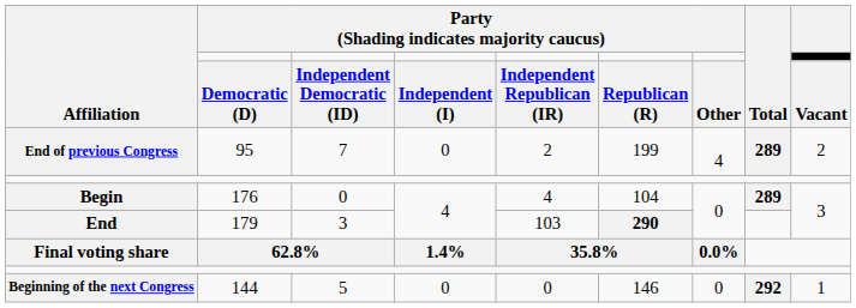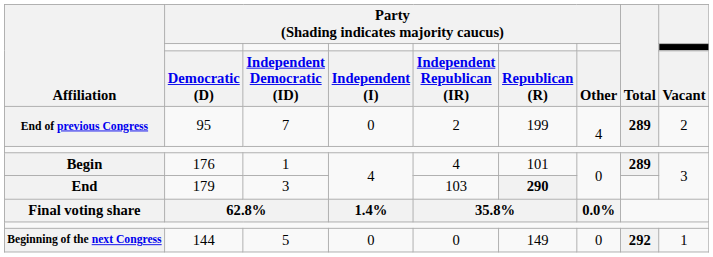 <table class="wikitable" style="text-align:center">
 <tr style="vertical-align:bottom;">
 <th rowspan="3">Affiliation</th>
 <th colspan="6">Party <div>(Shading indicates majority caucus)</div></th>
 <th rowspan="3">Total</th>
 <th></th>
 </tr>
 <tr style="height:5px">
 <td style="background-color:"></td>
 <td style="background-color:"></td>
 <td style="background-color:"></td>
 <td style="background-color:"></td>
 <td style="background-color:"></td>
 <td style="background-color:"></td>
 <td style="background:black;" ></td>
 </tr>
 <tr style="vertical-align:bottom;">
 <th><a href='#'>Democratic</a><br>(D)</th>
 <th><a href='#'>Independent<br>Democratic</a><br>(ID)</th>
 <th><a href='#'>Independent</a><br>(I)</th>
 <th><a href='#'>Independent<br>Republican</a><br>(IR)</th>
 <th><a href='#'>Republican</a><br>(R)</th>
 <th>Other</th>
 <th>Vacant</th>
 </tr>
 <tr>
 <th style="white-space:nowrap; font-size:80%;">End of <a href='#'>previous Congress</a></th>
 <td>95</td>
 <td>7</td>
 <td>0</td>
 <td>2</td>
 <td>199</td>
 <td><br>4</td>
 <th>289</th>
 <td>2</td>
 </tr>
 <tr>
 <td colspan="9"></td>
 </tr>
 <tr>
 <th>Begin</th>
 <td>176</td>
-<td>0</td>
+<td>1</td>
 <td rowspan="2">4</td>
 <td>4</td>
-<td>104</td>
+<td>101</td>
 <td rowspan="2">0</td>
 <th>289</th>
 <td rowspan="2">3</td>
 </tr>
 <tr>
 <th>End</th>
 <td>179</td>
 <td>3</td>
 <td>103</td>
 <th>290</th>
 </tr>
 <tr>
 <th>Final voting share</th>
 <th colspan="2" >62.8%</th>
 <th>1.4%</th>
 <th colspan="2">35.8%</th>
 <th>0.0%</th>
 <td colspan="2"></td>
 </tr>
 <tr>
 <td colspan="9"></td>
 </tr>
 <tr>
 <th style="white-space:nowrap; font-size:80%;">Beginning of the <a href='#'>next Congress</a></th>
 <td>144</td>
 <td>5</td>
 <td>0</td>
 <td>0</td>
-<td>146</td>
+<td>149</td>
 <td>0</td>
 <th>292</th>
 <td>1</td>
 </tr>
 </table>
